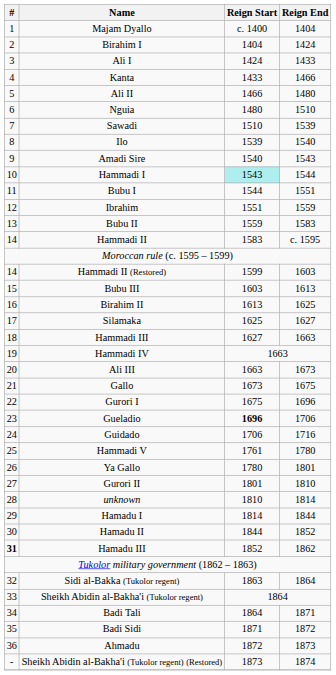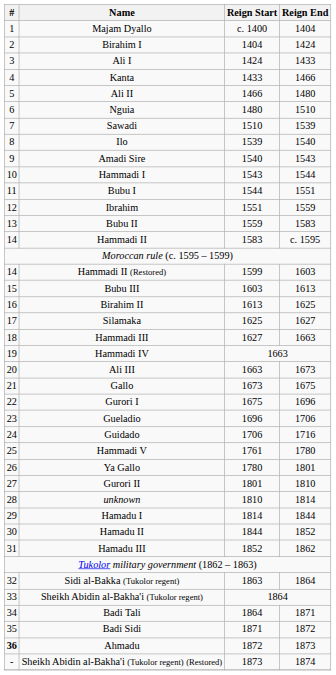 <table class="wikitable" style="text-align:center;">
 <tr>
 <th>#</th>
 <th>Name</th>
 <th>Reign Start</th>
 <th>Reign End</th>
 </tr>
 <tr>
 <td>1</td>
 <td>Majam Dyallo</td>
 <td>c. 1400</td>
 <td>1404</td>
 </tr>
 <tr>
 <td>2</td>
 <td>Birahim I</td>
 <td>1404</td>
 <td>1424</td>
 </tr>
 <tr>
 <td>3</td>
 <td>Ali I</td>
 <td>1424</td>
 <td>1433</td>
 </tr>
 <tr>
 <td>4</td>
 <td>Kanta</td>
 <td>1433</td>
 <td>1466</td>
 </tr>
 <tr>
 <td>5</td>
 <td>Ali II</td>
 <td>1466</td>
 <td>1480</td>
 </tr>
 <tr>
 <td>6</td>
 <td>Nguia</td>
 <td>1480</td>
 <td>1510</td>
 </tr>
 <tr>
 <td>7</td>
 <td>Sawadi</td>
 <td>1510</td>
 <td>1539</td>
 </tr>
 <tr>
 <td>8</td>
 <td>Ilo</td>
 <td>1539</td>
 <td>1540</td>
 </tr>
 <tr>
 <td>9</td>
 <td>Amadi Sire</td>
 <td>1540</td>
 <td>1543</td>
 </tr>
 <tr>
 <td>10</td>
 <td>Hammadi I</td>
-<td style="background: paleturquoise;">1543</td>
+<td>1543</td>
 <td>1544</td>
 </tr>
 <tr>
 <td>11</td>
 <td>Bubu I</td>
 <td>1544</td>
 <td>1551</td>
 </tr>
 <tr>
 <td>12</td>
 <td>Ibrahim</td>
 <td>1551</td>
 <td>1559</td>
 </tr>
 <tr>
 <td>13</td>
 <td>Bubu II</td>
 <td>1559</td>
 <td>1583</td>
 </tr>
 <tr>
 <td>14</td>
 <td>Hammadi II</td>
 <td>1583</td>
 <td>c. 1595</td>
 </tr>
 <tr>
 <td colspan=4><em>Moroccan rule</em> (c. 1595 – 1599)</td>
 </tr>
 <tr>
 <td>14</td>
 <td>Hammadi II <small>(Restored)</small></td>
 <td>1599</td>
 <td>1603</td>
 </tr>
 <tr>
 <td>15</td>
 <td>Bubu III</td>
 <td>1603</td>
 <td>1613</td>
 </tr>
 <tr>
 <td>16</td>
 <td>Birahim II</td>
 <td>1613</td>
 <td>1625</td>
 </tr>
 <tr>
 <td>17</td>
 <td>Silamaka</td>
 <td>1625</td>
 <td>1627</td>
 </tr>
 <tr>
 <td>18</td>
 <td>Hammadi III</td>
 <td>1627</td>
 <td>1663</td>
 </tr>
 <tr>
 <td>19</td>
 <td>Hammadi IV</td>
 <td colspan=2>1663</td>
 </tr>
 <tr>
 <td>20</td>
 <td>Ali III</td>
 <td>1663</td>
 <td>1673</td>
 </tr>
 <tr>
 <td>21</td>
 <td>Gallo</td>
 <td>1673</td>
 <td>1675</td>
 </tr>
 <tr>
 <td>22</td>
 <td>Gurori I</td>
 <td>1675</td>
 <td>1696</td>
 </tr>
 <tr>
 <td>23</td>
 <td>Gueladio</td>
-<td><strong>1696</strong></td>
+<td>1696</td>
 <td>1706</td>
 </tr>
 <tr>
 <td>24</td>
 <td>Guidado</td>
 <td>1706</td>
 <td>1716</td>
 </tr>
 <tr>
 <td>25</td>
 <td>Hammadi V</td>
 <td>1761</td>
 <td>1780</td>
 </tr>
 <tr>
 <td>26</td>
 <td>Ya Gallo</td>
 <td>1780</td>
 <td>1801</td>
 </tr>
 <tr>
 <td>27</td>
 <td>Gurori II</td>
 <td>1801</td>
 <td>1810</td>
 </tr>
 <tr>
 <td>28</td>
 <td><em>unknown</em></td>
 <td>1810</td>
 <td>1814</td>
 </tr>
 <tr>
 <td>29</td>
 <td>Hamadu I</td>
 <td>1814</td>
 <td>1844</td>
 </tr>
 <tr>
 <td>30</td>
 <td>Hamadu II</td>
 <td>1844</td>
 <td>1852</td>
 </tr>
 <tr>
-<td><strong>31</strong></td>
+<td>31</td>
 <td>Hamadu III</td>
 <td>1852</td>
 <td>1862</td>
 </tr>
 <tr>
 <td colspan=4><em><a href='#'>Tukolor</a> military government</em> (1862 – 1863)</td>
 </tr>
 <tr>
 <td>32</td>
 <td>Sidi al-Bakka <small>(Tukolor regent)</small></td>
 <td>1863</td>
 <td>1864</td>
 </tr>
 <tr>
 <td>33</td>
 <td>Sheikh Abidin al-Bakha'i <small>(Tukolor regent)</small></td>
 <td colspan=2>1864</td>
 </tr>
 <tr>
 <td>34</td>
 <td>Badi Tali</td>
 <td>1864</td>
 <td>1871</td>
 </tr>
 <tr>
 <td>35</td>
 <td>Badi Sidi</td>
 <td>1871</td>
 <td>1872</td>
 </tr>
 <tr>
-<td>36</td>
+<td><strong>36</strong></td>
 <td>Ahmadu</td>
 <td>1872</td>
 <td>1873</td>
 </tr>
 <tr>
 <td>-</td>
 <td>Sheikh Abidin al-Bakha'i <small>(Tukolor regent)</small> <small>(Restored)</small></td>
 <td>1873</td>
 <td>1874</td>
 </tr>
 <tr>
 </tr>
 </table>
